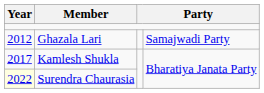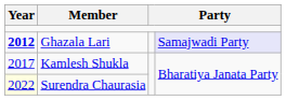 <table class="wikitable">
 <tr>
 <th>Year</th>
 <th>Member</th>
 <th colspan="2">Party</th>
 </tr>
 <tr>
 <td colspan="4"></td>
 </tr>
 <tr>
-<td><a href='#'>2012</a></td>
+<td><strong><a href='#'>2012</a></strong></td>
 <td><a href='#'>Ghazala Lari</a></td>
 <td style="background-color: "></td>
-<td><a href='#'>Samajwadi Party</a></td>
+<td style="background: lavender;"><a href='#'>Samajwadi Party</a></td>
 </tr>
 <tr>
 <td><a href='#'>2017</a></td>
 <td><a href='#'>Kamlesh Shukla</a></td>
 <td rowspan="2" style="background-color: "></td>
 <td rowspan="2"><a href='#'>Bharatiya Janata Party</a></td>
 </tr>
 <tr>
 <td style="background: lightyellow;"><a href='#'>2022</a></td>
 <td><a href='#'>Surendra Chaurasia</a></td>
 </tr>
 </table>
